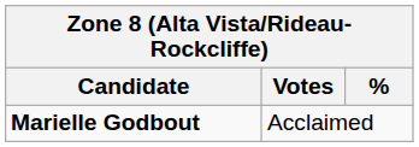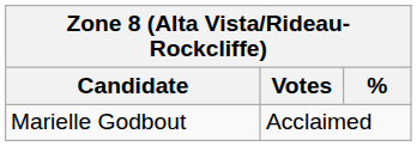 <table class="wikitable">
 <tr>
 <th colspan="3">Zone 8 (Alta Vista/Rideau-Rockcliffe)</th>
 </tr>
 <tr>
 <th style="width: 170px">Candidate</th>
 <th style="width: 50px">Votes</th>
 <th style="width: 40px">%</th>
 </tr>
 <tr>
-<td><strong>Marielle Godbout</strong></td>
+<td>Marielle Godbout</td>
 <td colspan="2">Acclaimed</td>
 </tr>
 </table>
